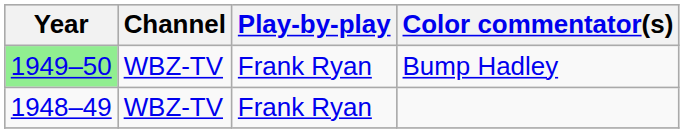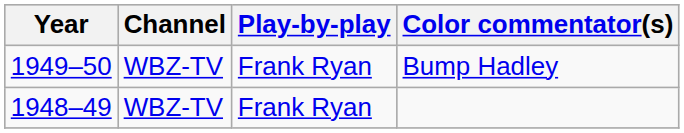 <table class="wikitable">
 <tr>
 <th>Year</th>
 <th>Channel</th>
 <th><a href='#'>Play-by-play</a></th>
 <th><a href='#'>Color commentator</a>(s)</th>
 </tr>
 <tr>
-<td style="background: lightgreen;"><a href='#'>1949–50</a></td>
+<td><a href='#'>1949–50</a></td>
 <td><a href='#'>WBZ-TV</a></td>
 <td><a href='#'>Frank Ryan</a></td>
 <td><a href='#'>Bump Hadley</a></td>
 </tr>
 <tr>
 <td><a href='#'>1948–49</a></td>
 <td><a href='#'>WBZ-TV</a></td>
 <td><a href='#'>Frank Ryan</a></td>
 </tr>
 </table>
